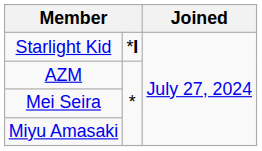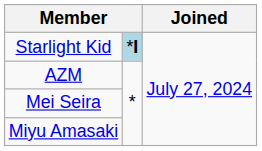 <table class="wikitable" style="text-align:center;">
 <tr>
 <th colspan="2">Member</th>
 <th>Joined</th>
 </tr>
 <tr>
 <td><a href='#'>Starlight Kid</a></td>
-<td>*<strong>I</strong></td>
+<td style="background: lightblue;">*<strong>I</strong></td>
 <td rowspan=4><a href='#'>July 27, 2024</a></td>
 </tr>
 <tr>
 <td><a href='#'>AZM</a></td>
 <td rowspan=3>*</td>
 </tr>
 <tr>
 <td><a href='#'>Mei Seira</a></td>
 </tr>
 <tr>
 <td><a href='#'>Miyu Amasaki</a></td>
 </tr>
 </table>
